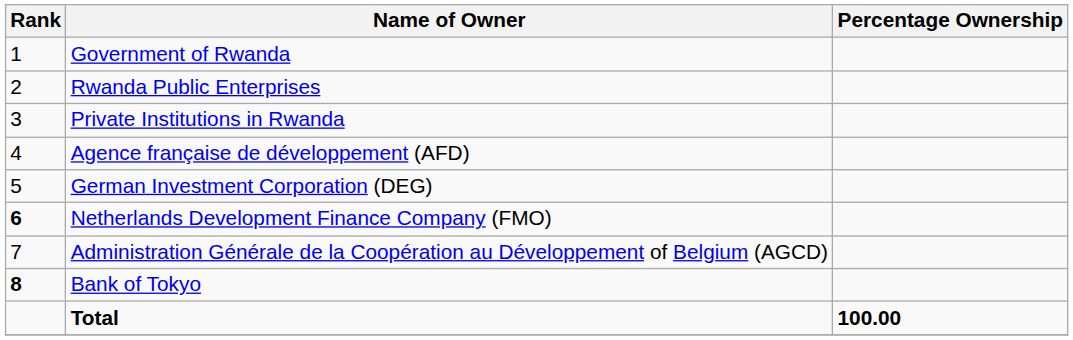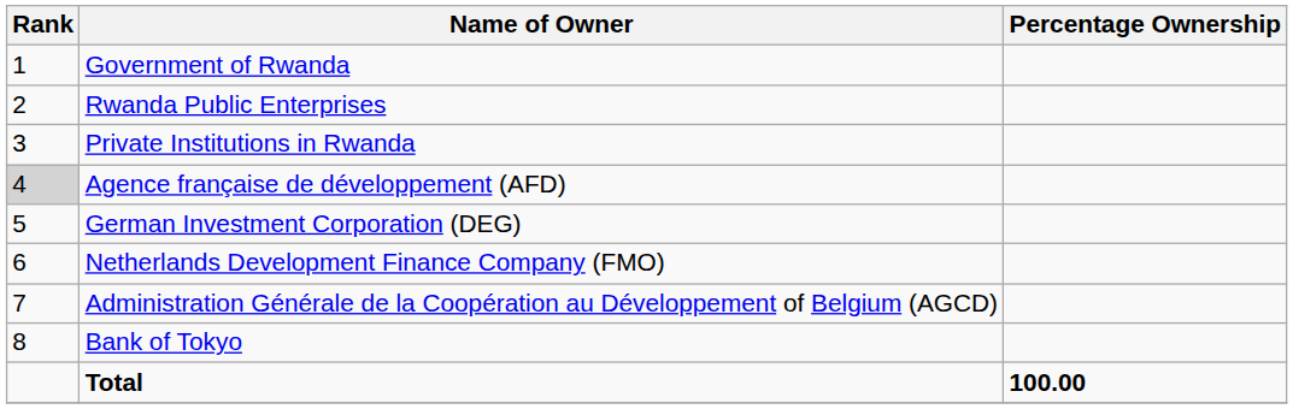 <table class="wikitable sortable" style="margin-left:auto;margin-right:auto">
 <tr>
 <th style="width:2em;">Rank</th>
 <th>Name of Owner</th>
 <th>Percentage Ownership</th>
 </tr>
 <tr>
 <td>1</td>
 <td><a href='#'>Government of Rwanda</a></td>
 <td></td>
 </tr>
 <tr>
 <td>2</td>
 <td><a href='#'>Rwanda Public Enterprises</a></td>
 <td></td>
 </tr>
 <tr>
 <td>3</td>
 <td><a href='#'>Private Institutions in Rwanda</a></td>
 <td></td>
 </tr>
 <tr>
-<td>4</td>
+<td style="background: lightgrey;">4</td>
 <td><a href='#'>Agence française de développement</a> (AFD)</td>
 <td></td>
 </tr>
 <tr>
 <td>5</td>
 <td><a href='#'>German Investment Corporation</a> (DEG)</td>
 <td></td>
 </tr>
 <tr>
-<td><strong>6</strong></td>
+<td>6</td>
 <td><a href='#'>Netherlands Development Finance Company</a> (FMO)</td>
 <td></td>
 </tr>
 <tr>
 <td>7</td>
 <td><a href='#'>Administration Générale de la Coopération au Développement</a> of <a href='#'>Belgium</a> (AGCD)</td>
 <td></td>
 </tr>
 <tr>
-<td><strong>8</strong></td>
+<td>8</td>
 <td><a href='#'>Bank of Tokyo</a></td>
 <td></td>
 </tr>
 <tr>
 <td></td>
 <td><strong>Total</strong></td>
 <td><strong>100.00</strong></td>
 </tr>
 <tr>
 </tr>
 </table>
